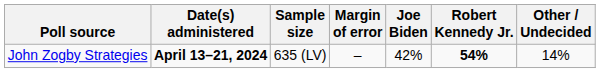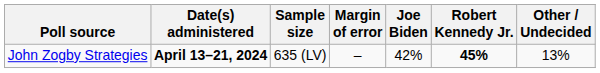 <table class="wikitable sortable mw-datatable" style="font-size:90%;text-align:center;line-height:17px">
 <tr valign=bottom>
 <th>Poll source</th>
 <th>Date(s)<br>administered</th>
 <th>Sample<br>size</th>
 <th>Margin<br>of error</th>
 <th class="unsortable">Joe<br>Biden<br></th>
 <th class="unsortable">Robert<br>Kennedy Jr.<br></th>
 <th class="unsortable">Other /<br>Undecided</th>
 </tr>
 <tr>
 <td style="text-align:left;"><a href='#'>John Zogby Strategies</a></td>
 <td data-sort-value="2024-05-01"><strong>April 13–21, 2024</strong></td>
 <td>635 (LV)</td>
 <td>–</td>
 <td>42%</td>
-<td style="background-color:"><strong>54%</strong></td>
-<td>14%</td>
+<td style="background-color:"><strong>45%</strong></td>
+<td>13%</td>
 </tr>
 </table>
